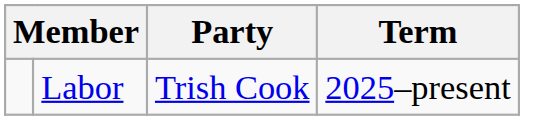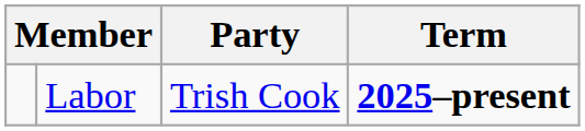 <table class="wikitable">
 <tr>
 <th colspan="2">Member</th>
 <th>Party</th>
 <th>Term</th>
 </tr>
 <tr>
 <td> </td>
 <td><a href='#'>Labor</a></td>
 <td><a href='#'>Trish Cook</a></td>
-<td><a href='#'>2025</a>–present</td>
+<td><strong><a href='#'>2025</a>–present</strong></td>
 </tr>
 </table>
